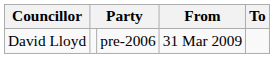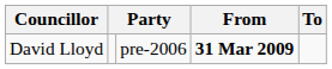 <table class=wikitable>
 <tr>
 <th>Councillor</th>
 <th colspan=2>Party</th>
 <th>From</th>
 <th>To</th>
 </tr>
 <tr>
 <td>David Lloyd</td>
 <td></td>
 <td align=right>pre-2006</td>
-<td align=right>31 Mar 2009</td>
+<td align=right><strong>31 Mar 2009</strong></td>
 </tr>
 </table>
